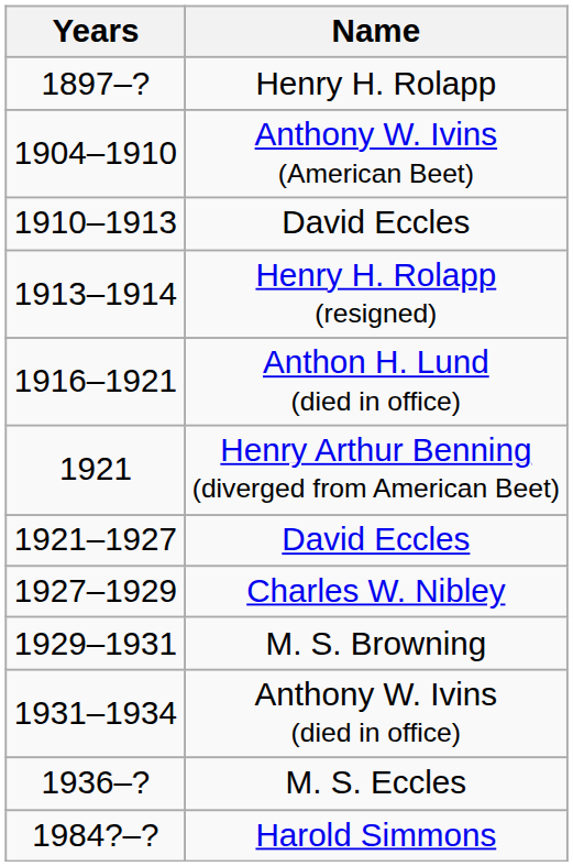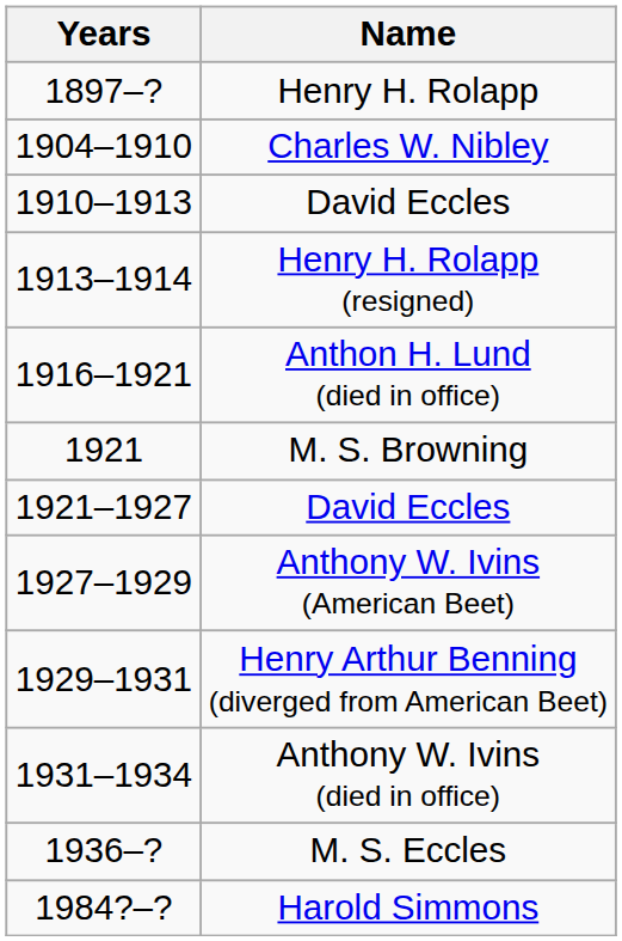 <table class="wikitable" style="text-align:center" align="right">
 <tr>
 <th>Years</th>
 <th>Name</th>
 </tr>
 <tr>
 <td>1897–?</td>
 <td>Henry H. Rolapp</td>
 </tr>
 <tr>
 <td>1904–1910</td>
-<td><a href='#'>Anthony W. Ivins</a><br><small>(American Beet)</small></td>
+<td><a href='#'>Charles W. Nibley</a></td>
 </tr>
 <tr>
 <td>1910–1913</td>
 <td>David Eccles</td>
 </tr>
 <tr>
 <td>1913–1914</td>
 <td><a href='#'>Henry H. Rolapp</a><br><small>(resigned)</small></td>
 </tr>
 <tr>
 <td>1916–1921</td>
 <td><a href='#'>Anthon H. Lund</a><br><small>(died in office)</small></td>
 </tr>
 <tr>
 <td>1921</td>
-<td><a href='#'>Henry Arthur Benning</a><br><small>(diverged from American Beet)</small></td>
+<td>M. S. Browning</td>
 </tr>
 <tr>
 <td>1921–1927</td>
 <td><a href='#'>David Eccles</a></td>
 </tr>
 <tr>
 <td>1927–1929</td>
-<td><a href='#'>Charles W. Nibley</a></td>
+<td><a href='#'>Anthony W. Ivins</a><br><small>(American Beet)</small></td>
 </tr>
 <tr>
 <td>1929–1931</td>
-<td>M. S. Browning</td>
+<td><a href='#'>Henry Arthur Benning</a><br><small>(diverged from American Beet)</small></td>
 </tr>
 <tr>
 <td>1931–1934</td>
 <td>Anthony W. Ivins<br><small>(died in office)</small></td>
 </tr>
 <tr>
 <td>1936–?</td>
 <td>M. S. Eccles</td>
 </tr>
 <tr>
 <td>1984?–?</td>
 <td><a href='#'>Harold Simmons</a></td>
 </tr>
 </table>
